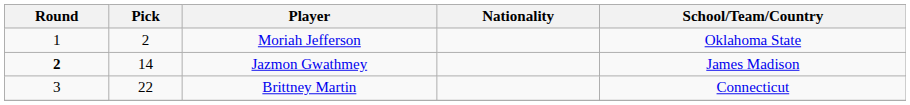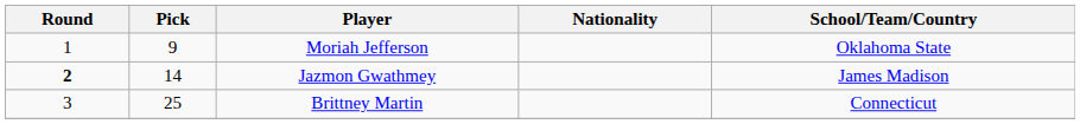 <table class="wikitable" style="text-align:center; width:60em">
 <tr>
 <th>Round</th>
 <th>Pick</th>
 <th>Player</th>
 <th>Nationality</th>
 <th>School/Team/Country</th>
 </tr>
 <tr>
 <td>1</td>
-<td>2</td>
+<td>9</td>
 <td><a href='#'>Moriah Jefferson</a></td>
 <td></td>
 <td><a href='#'>Oklahoma State</a></td>
 </tr>
 <tr>
 <td><strong>2</strong></td>
 <td>14</td>
 <td><a href='#'>Jazmon Gwathmey</a></td>
 <td></td>
 <td><a href='#'>James Madison</a></td>
 </tr>
 <tr>
 <td>3</td>
-<td>22</td>
+<td>25</td>
 <td><a href='#'>Brittney Martin</a></td>
 <td></td>
 <td><a href='#'>Connecticut</a></td>
 </tr>
 <tr>
 </tr>
 </table>
